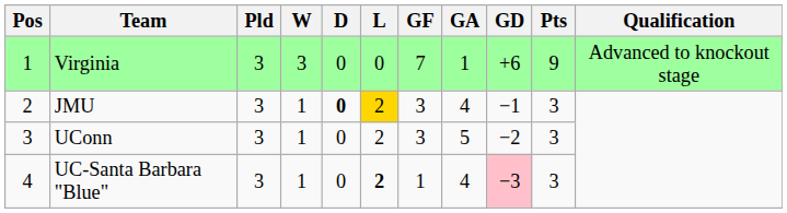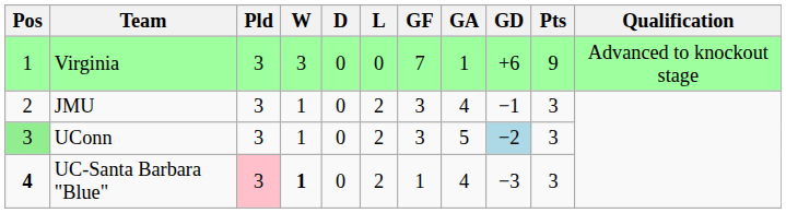 <table class="wikitable" style="text-align:center; margin: 1em auto">
 <tr>
 <th style="width:2em">Pos</th>
 <th style="width:13em">Team</th>
 <th style="width:2em">Pld</th>
 <th style="width:2em">W</th>
 <th style="width:2em">D</th>
 <th style="width:2em">L</th>
 <th style="width:2em">GF</th>
 <th style="width:2em">GA</th>
 <th style="width:2em">GD</th>
 <th style="width:2em">Pts</th>
 <th style="width:13em">Qualification</th>
 </tr>
 <tr bgcolor="#9eff9e">
 <td>1</td>
 <td style="text-align:left">Virginia</td>
 <td>3</td>
 <td>3</td>
 <td>0</td>
 <td>0</td>
 <td>7</td>
 <td>1</td>
 <td>+6</td>
 <td>9</td>
 <td>Advanced to knockout stage</td>
 </tr>
 <tr>
 <td>2</td>
 <td style="text-align:left">JMU</td>
 <td>3</td>
 <td>1</td>
-<td><strong>0</strong></td>
-<td style="background: gold;">2</td>
+<td>0</td>
+<td>2</td>
 <td>3</td>
 <td>4</td>
 <td>−1</td>
 <td>3</td>
 <td rowspan="3"></td>
 </tr>
 <tr>
-<td>3</td>
+<td style="background: lightgreen;">3</td>
 <td style="text-align:left">UConn</td>
 <td>3</td>
 <td>1</td>
 <td>0</td>
 <td>2</td>
 <td>3</td>
 <td>5</td>
-<td>−2</td>
+<td style="background: lightblue;">−2</td>
 <td>3</td>
 </tr>
 <tr>
-<td>4</td>
+<td><strong>4</strong></td>
 <td style="text-align:left">UC-Santa Barbara "Blue"</td>
-<td>3</td>
-<td>1</td>
+<td style="background: pink;">3</td>
+<td><strong>1</strong></td>
 <td>0</td>
-<td><strong>2</strong></td>
+<td>2</td>
 <td>1</td>
 <td>4</td>
-<td style="background: pink;">−3</td>
+<td>−3</td>
 <td>3</td>
 </tr>
 </table>
